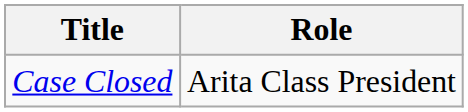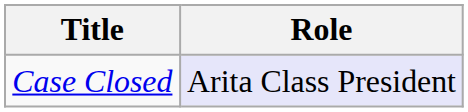 <table class="wikitable">
 <tr>
 <th>Title</th>
 <th>Role</th>
 </tr>
 <tr>
 <td><em><a href='#'>Case Closed</a></em></td>
-<td>Arita Class President</td>
+<td style="background: lavender;">Arita Class President</td>
 </tr>
 </table>
